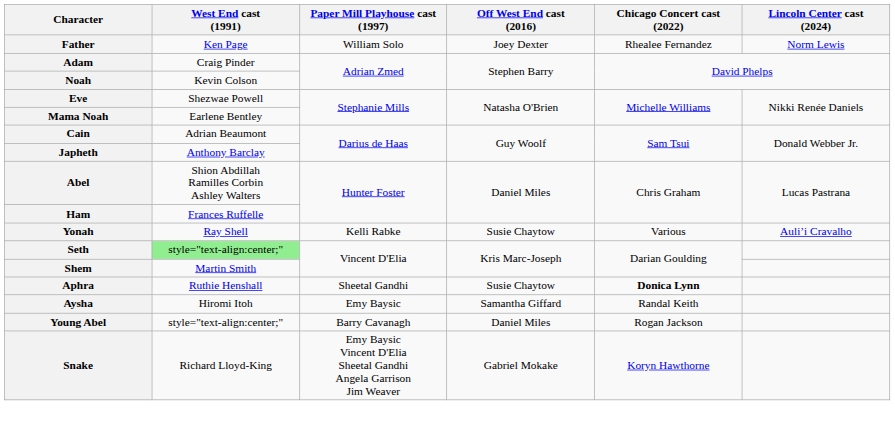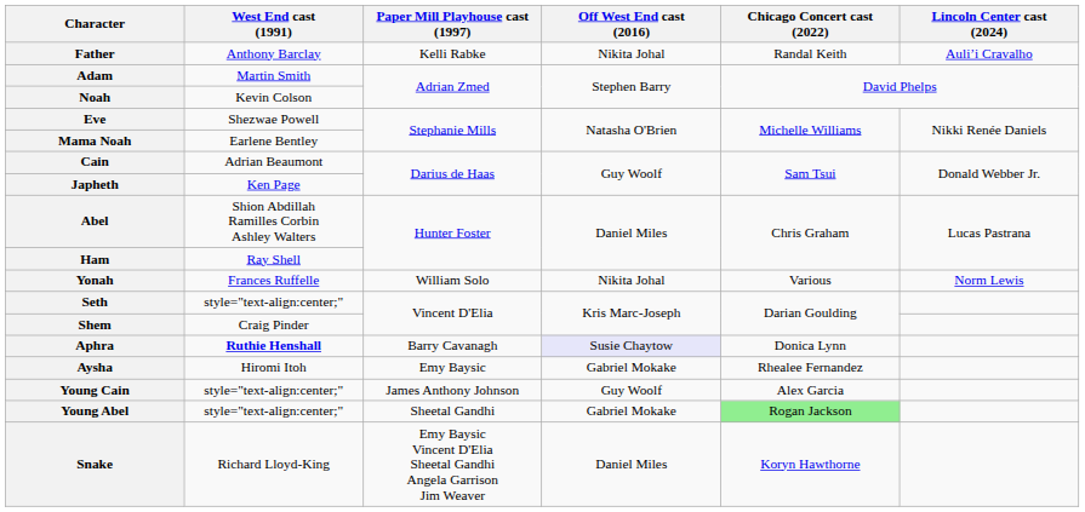 <table class="wikitable" style="text-align:center">
 <tr>
 <th style="width:8.3%;">Character</th>
 <th style="width:8.3%;"><a href='#'>West End</a> cast<br>(1991)</th>
 <th style="width:8.3%;"><a href='#'>Paper Mill Playhouse</a> cast<br>(1997)</th>
 <th style="width:8.3%;"><a href='#'>Off West End</a> cast<br>(2016)</th>
 <th style="width:8.3%;">Chicago Concert cast<br>(2022)</th>
 <th style=width:8.3%;><a href='#'>Lincoln Center</a> cast<br>(2024)</th>
 </tr>
 <tr>
 <th>Father</th>
-<td style="text-align:center;"><a href='#'>Ken Page</a></td>
-<td style="text-align:center;">William Solo</td>
-<td style="text-align:center;">Joey Dexter</td>
-<td style="text-align:center;">Rhealee Fernandez</td>
-<td style="text-align:center;"><a href='#'>Norm Lewis</a></td>
+<td style="text-align:center;"><a href='#'>Anthony Barclay</a></td>
+<td style="text-align:center;">Kelli Rabke</td>
+<td style="text-align:center;">Nikita Johal</td>
+<td style="text-align:center;">Randal Keith</td>
+<td style="text-align:center;"><a href='#'>Auli’i Cravalho</a></td>
 </tr>
 <tr>
 <th>Adam</th>
-<td style="text-align:center;">Craig Pinder</td>
+<td style="text-align:center;"><a href='#'>Martin Smith</a></td>
 <td rowspan="2" style="text-align:center;"><a href='#'>Adrian Zmed</a></td>
 <td rowspan="2" style="text-align:center;">Stephen Barry</td>
 <td colspan=2 rowspan="2" style="text-align:center;"><a href='#'>David Phelps</a></td>
 </tr>
 <tr>
 <th>Noah</th>
 <td style="text-align:center;">Kevin Colson</td>
 </tr>
 <tr>
 <th>Eve</th>
 <td style="text-align:center;">Shezwae Powell</td>
 <td rowspan="2" style="text-align:center;"><a href='#'>Stephanie Mills</a></td>
 <td rowspan="2" style="text-align:center;">Natasha O'Brien</td>
 <td rowspan="2" style="text-align:center;"><a href='#'>Michelle Williams</a></td>
 <td rowspan="2" style="text-align:center;">Nikki Renée Daniels</td>
 </tr>
 <tr>
 <th>Mama Noah</th>
 <td style="text-align:center;">Earlene Bentley</td>
 </tr>
 <tr>
 <th>Cain</th>
 <td style="text-align:center;">Adrian Beaumont</td>
 <td rowspan="2" style="text-align:center;"><a href='#'>Darius de Haas</a></td>
 <td rowspan="2" style="text-align:center;">Guy Woolf</td>
 <td rowspan="2" style="text-align:center;"><a href='#'>Sam Tsui</a></td>
 <td rowspan="2" style="text-align:center;">Donald Webber Jr.</td>
 </tr>
 <tr>
 <th>Japheth</th>
-<td style="text-align:center;"><a href='#'>Anthony Barclay</a></td>
+<td style="text-align:center;"><a href='#'>Ken Page</a></td>
 </tr>
 <tr>
 <th>Abel</th>
 <td style="text-align:center;">Shion Abdillah<br>Ramilles Corbin<br>Ashley Walters</td>
 <td rowspan="2" style="text-align:center;"><a href='#'>Hunter Foster</a></td>
 <td rowspan="2" style="text-align:center;">Daniel Miles</td>
 <td rowspan="2" style="text-align:center;">Chris Graham</td>
 <td rowspan=2 align=center>Lucas Pastrana</td>
 </tr>
 <tr>
 <th>Ham</th>
-<td style="text-align:center;"><a href='#'>Frances Ruffelle</a></td>
+<td style="text-align:center;"><a href='#'>Ray Shell</a></td>
 </tr>
 <tr>
 <th>Yonah</th>
-<td style="text-align:center;"><a href='#'>Ray Shell</a></td>
-<td style="text-align:center;">Kelli Rabke</td>
-<td style="text-align:center;">Susie Chaytow</td>
+<td style="text-align:center;"><a href='#'>Frances Ruffelle</a></td>
+<td style="text-align:center;">William Solo</td>
+<td style="text-align:center;">Nikita Johal</td>
 <td style="text-align:center;">Various</td>
-<td style="text-align:center;"><a href='#'>Auli’i Cravalho</a></td>
+<td style="text-align:center;"><a href='#'>Norm Lewis</a></td>
 </tr>
 <tr>
 <th scope="row">Seth</th>
-<td style="background: lightgreen;">style="text-align:center;" </td>
+<td>style="text-align:center;" </td>
 <td rowspan="2" style="text-align:center;">Vincent D'Elia</td>
 <td rowspan="2" style="text-align:center;">Kris Marc-Joseph</td>
 <td rowspan="2" style="text-align:center;">Darian Goulding</td>
 <td></td>
 </tr>
 <tr>
 <th scope="row">Shem</th>
-<td style="text-align:center;"><a href='#'>Martin Smith</a></td>
+<td style="text-align:center;">Craig Pinder</td>
 <td></td>
 </tr>
 <tr>
 <th>Aphra</th>
-<td style="text-align:center;"><a href='#'>Ruthie Henshall</a></td>
-<td style="text-align:center;">Sheetal Gandhi</td>
-<td style="text-align:center;">Susie Chaytow</td>
-<td style="text-align:center;"><strong>Donica Lynn</strong></td>
+<td style="text-align:center;"><strong><a href='#'>Ruthie Henshall</a></strong></td>
+<td style="text-align:center;">Barry Cavanagh</td>
+<td style="background: lavender; text-align:center;">Susie Chaytow</td>
+<td style="text-align:center;">Donica Lynn</td>
 <td></td>
 </tr>
 <tr>
 <th>Aysha</th>
 <td style="text-align:center;">Hiromi Itoh</td>
 <td style="text-align:center;">Emy Baysic</td>
-<td style="text-align:center;">Samantha Giffard</td>
-<td style="text-align:center;">Randal Keith</td>
+<td style="text-align:center;">Gabriel Mokake</td>
+<td style="text-align:center;">Rhealee Fernandez</td>
+<td></td>
+</tr>
+<tr>
+<th>Young Cain</th>
+<td>style="text-align:center;" </td>
+<td style="text-align:center;">James Anthony Johnson</td>
+<td style="text-align:center;">Guy Woolf</td>
+<td style="text-align:center;">Alex Garcia</td>
 <td></td>
 </tr>
 <tr>
 <th>Young Abel</th>
 <td>style="text-align:center;" </td>
-<td style="text-align:center;">Barry Cavanagh</td>
-<td style="text-align:center;">Daniel Miles</td>
-<td style="text-align:center;">Rogan Jackson</td>
+<td style="text-align:center;">Sheetal Gandhi</td>
+<td style="text-align:center;">Gabriel Mokake</td>
+<td style="background: lightgreen; text-align:center;">Rogan Jackson</td>
 <td></td>
 </tr>
 <tr>
 <th>Snake</th>
 <td style="text-align:center;">Richard Lloyd-King</td>
 <td style="text-align:center;">Emy Baysic <br>Vincent D'Elia<br>Sheetal Gandhi<br>Angela Garrison<br>Jim Weaver</td>
-<td style="text-align:center;">Gabriel Mokake</td>
+<td style="text-align:center;">Daniel Miles</td>
 <td style="text-align:center;"><a href='#'>Koryn Hawthorne</a></td>
 <td></td>
 </tr>
 </table>
